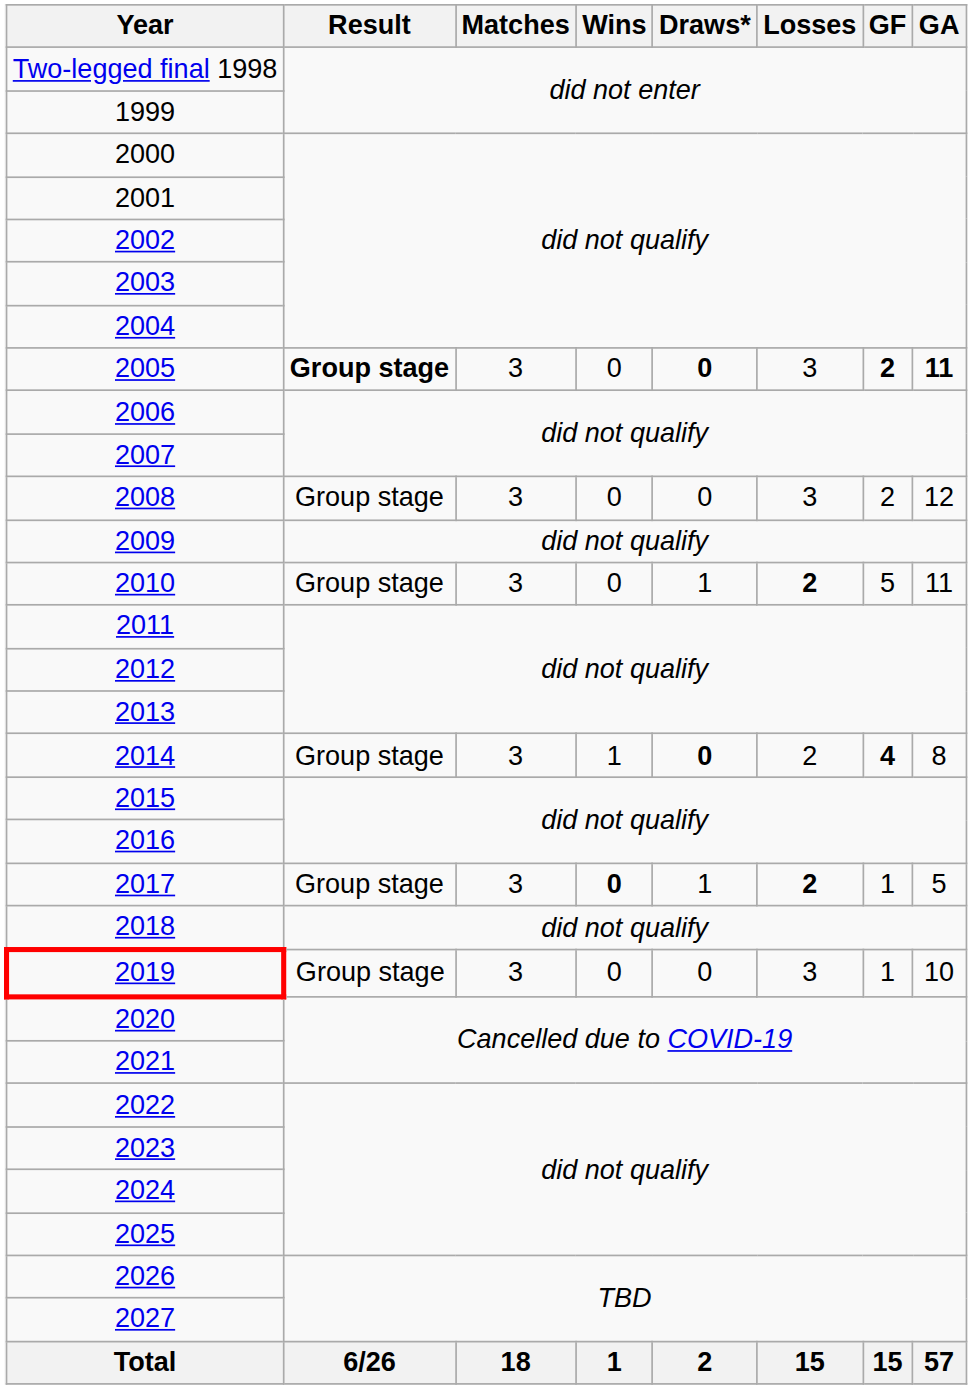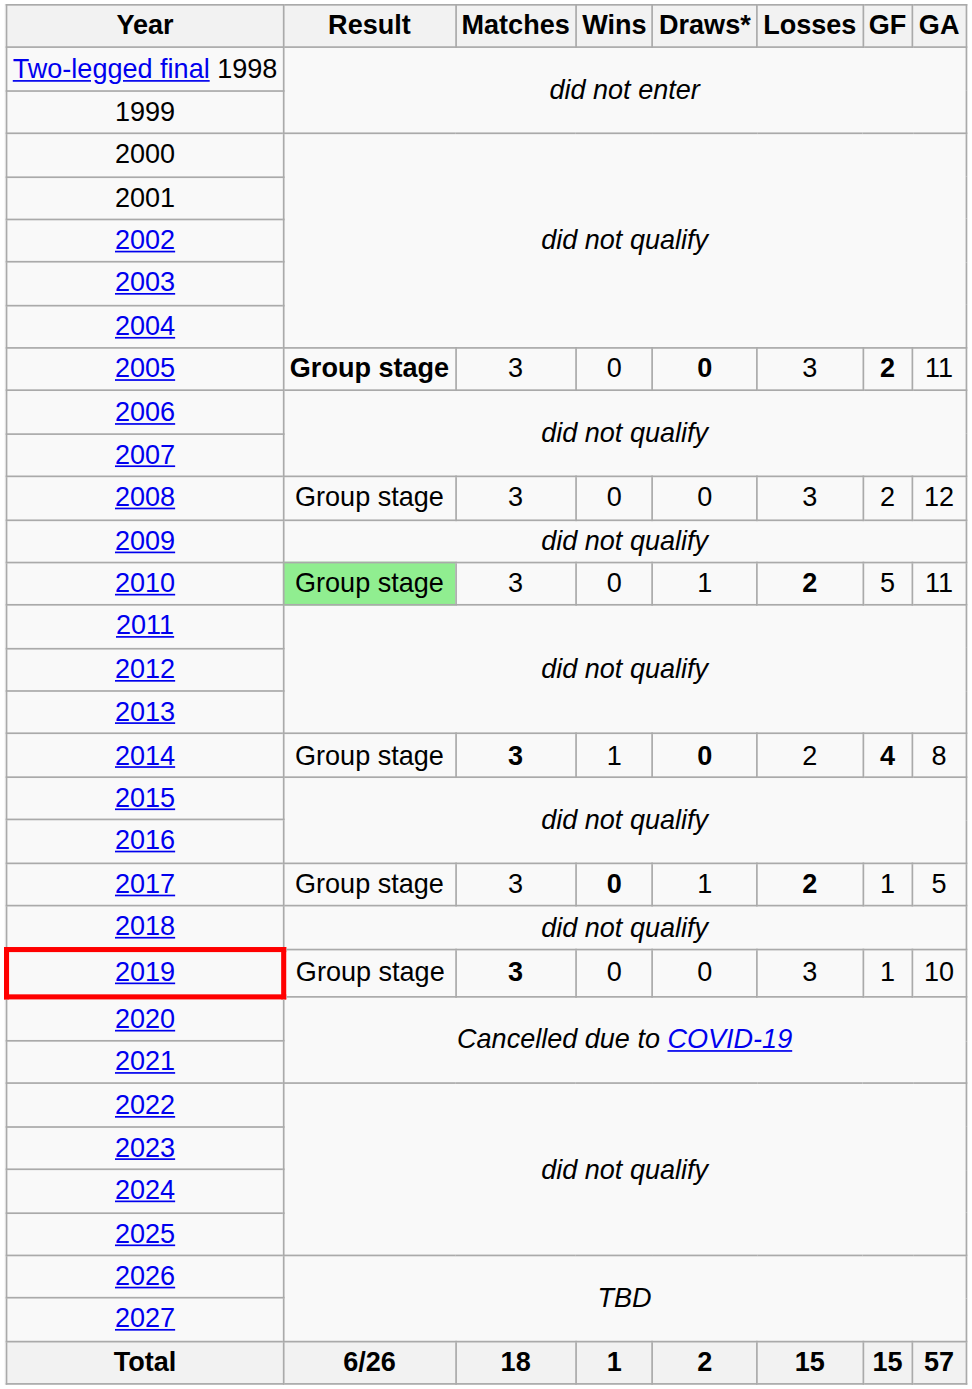 <table class="wikitable" style="text-align: center;">
 <tr>
 <th>Year</th>
 <th>Result</th>
 <th>Matches</th>
 <th>Wins</th>
 <th>Draws*</th>
 <th>Losses</th>
 <th>GF</th>
 <th>GA</th>
 </tr>
 <tr>
 <td><a href='#'>Two-legged final</a> 1998</td>
 <td colspan=7 rowspan=2><em>did not enter</em></td>
 </tr>
 <tr>
 <td> 1999</td>
 </tr>
 <tr>
 <td> 2000</td>
 <td colspan=7 rowspan=5><em>did not qualify</em></td>
 </tr>
 <tr>
 <td> 2001</td>
 </tr>
 <tr>
 <td> <a href='#'>2002</a></td>
 </tr>
 <tr>
 <td> <a href='#'>2003</a></td>
 </tr>
 <tr>
 <td> <a href='#'>2004</a></td>
 </tr>
 <tr>
 <td> <a href='#'>2005</a></td>
 <td><strong>Group stage</strong></td>
 <td>3</td>
 <td>0</td>
 <td><strong>0</strong></td>
 <td>3</td>
 <td><strong>2</strong></td>
-<td><strong>11</strong></td>
+<td>11</td>
 </tr>
 <tr>
 <td> <a href='#'>2006</a></td>
 <td colspan=7 rowspan=2><em>did not qualify</em></td>
 </tr>
 <tr>
 <td> <a href='#'>2007</a></td>
 </tr>
 <tr>
 <td> <a href='#'>2008</a></td>
 <td>Group stage</td>
 <td>3</td>
 <td>0</td>
 <td>0</td>
 <td>3</td>
 <td>2</td>
 <td>12</td>
 </tr>
 <tr>
 <td> <a href='#'>2009</a></td>
 <td colspan=7><em>did not qualify</em></td>
 </tr>
 <tr>
 <td> <a href='#'>2010</a></td>
-<td>Group stage</td>
+<td style="background: lightgreen;">Group stage</td>
 <td>3</td>
 <td>0</td>
 <td>1</td>
 <td><strong>2</strong></td>
 <td>5</td>
 <td>11</td>
 </tr>
 <tr>
 <td> <a href='#'>2011</a></td>
 <td colspan=7 rowspan=3><em>did not qualify</em></td>
 </tr>
 <tr>
 <td> <a href='#'>2012</a></td>
 </tr>
 <tr>
 <td> <a href='#'>2013</a></td>
 </tr>
 <tr>
 <td> <a href='#'>2014</a></td>
 <td>Group stage</td>
-<td>3</td>
+<td><strong>3</strong></td>
 <td>1</td>
 <td><strong>0</strong></td>
 <td>2</td>
 <td><strong>4</strong></td>
 <td>8</td>
 </tr>
 <tr>
 <td> <a href='#'>2015</a></td>
 <td colspan=7 rowspan=2><em>did not qualify</em></td>
 </tr>
 <tr>
 <td> <a href='#'>2016</a></td>
 </tr>
 <tr>
 <td> <a href='#'>2017</a></td>
 <td>Group stage</td>
 <td>3</td>
 <td><strong>0</strong></td>
 <td>1</td>
 <td><strong>2</strong></td>
 <td>1</td>
 <td>5</td>
 </tr>
 <tr>
 <td> <a href='#'>2018</a></td>
 <td colspan=7><em>did not qualify</em></td>
 </tr>
 <tr>
 <td style="border: 3px solid red"> <a href='#'>2019</a></td>
 <td>Group stage</td>
-<td>3</td>
+<td><strong>3</strong></td>
 <td>0</td>
 <td>0</td>
 <td>3</td>
 <td>1</td>
 <td>10</td>
 </tr>
 <tr>
 <td> <a href='#'>2020</a></td>
 <td colspan=7 rowspan=2><em>Cancelled due to <a href='#'>COVID-19</a></em></td>
 </tr>
 <tr>
 <td> <a href='#'>2021</a></td>
 </tr>
 <tr>
 <td> <a href='#'>2022</a></td>
 <td colspan=7 rowspan=4><em>did not qualify</em></td>
 </tr>
 <tr>
 <td> <a href='#'>2023</a></td>
 </tr>
 <tr>
 <td> <a href='#'>2024</a></td>
 </tr>
 <tr>
 <td> <a href='#'>2025</a></td>
 </tr>
 <tr>
 <td> <a href='#'>2026</a></td>
 <td rowspan=2 colspan=8><em>TBD</em></td>
 </tr>
 <tr>
 <td> <a href='#'>2027</a></td>
 </tr>
 <tr>
 <th><strong>Total</strong></th>
 <th>6/26</th>
 <th>18</th>
 <th>1</th>
 <th>2</th>
 <th>15</th>
 <th>15</th>
 <th>57</th>
 </tr>
 </table>
